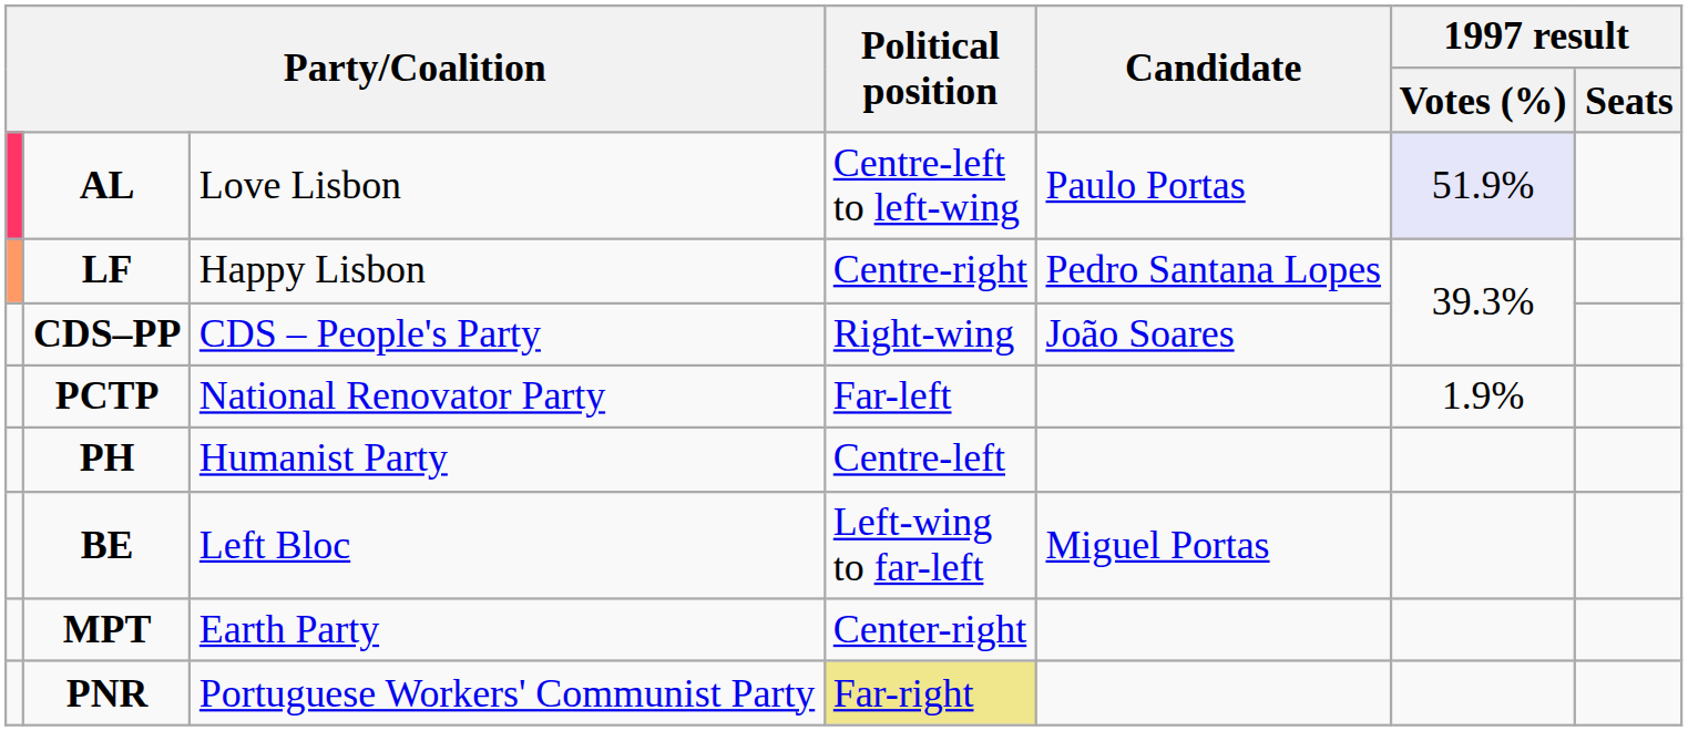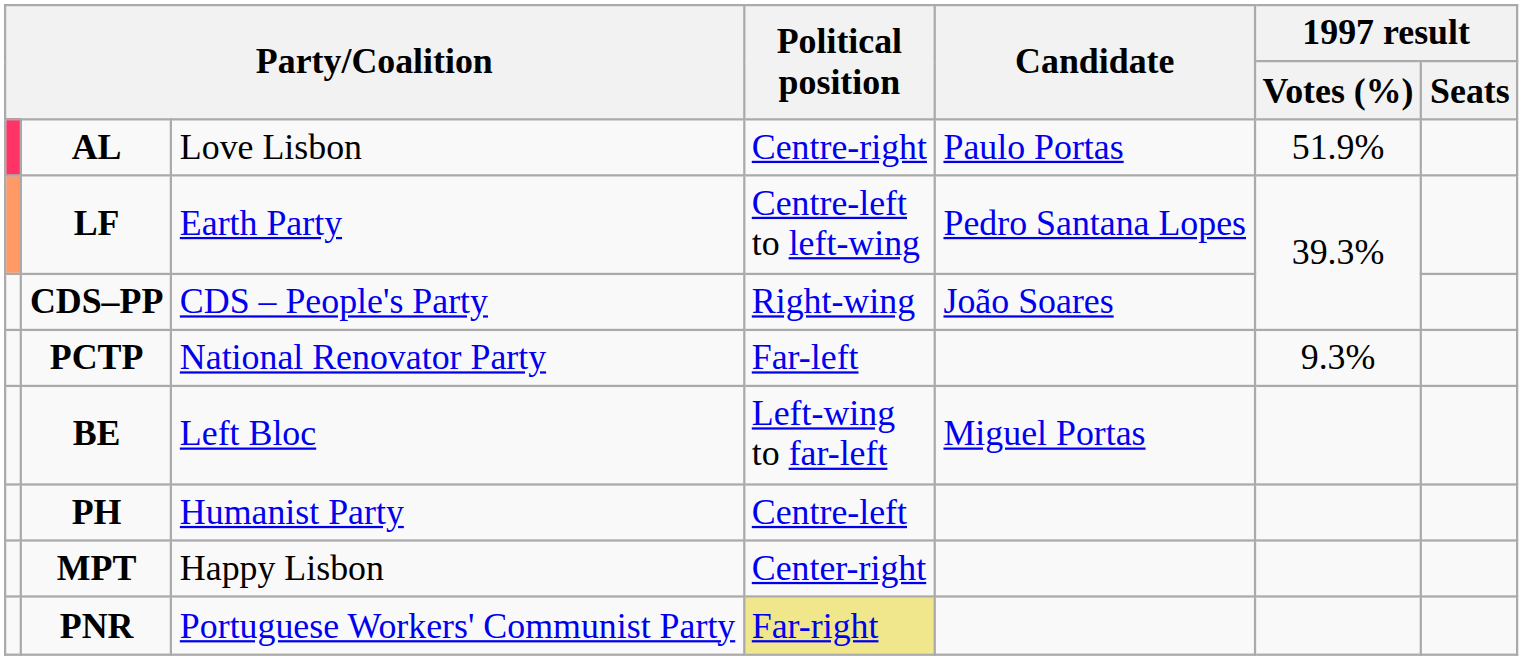 <table class="wikitable">
 <tr>
 <th colspan="3" rowspan="2">Party/Coalition</th>
 <th rowspan="2">Political<br>position</th>
 <th rowspan="2">Candidate</th>
 <th colspan="2">1997 result</th>
 </tr>
 <tr>
 <th>Votes (%)</th>
 <th>Seats</th>
 </tr>
 <tr>
 <td style="background:#FF3366;"></td>
 <td style="text-align:center;"><strong>AL</strong></td>
 <td>Love Lisbon<br> </td>
-<td><a href='#'>Centre-left</a><br>to <a href='#'>left-wing</a></td>
+<td><a href='#'>Centre-right</a></td>
 <td><a href='#'>Paulo Portas</a></td>
-<td style="background: lavender; text-align:center;">51.9%</td>
+<td style="text-align:center;">51.9%</td>
 <td></td>
 </tr>
 <tr>
 <td style="background:#FF9966;"></td>
 <td style="text-align:center;"><strong>LF</strong></td>
-<td>Happy Lisbon<br> </td>
-<td><a href='#'>Centre-right</a></td>
+<td><a href='#'>Earth Party</a><br></td>
+<td><a href='#'>Centre-left</a><br>to <a href='#'>left-wing</a></td>
 <td><a href='#'>Pedro Santana Lopes</a></td>
 <td rowspan="2" style="text-align:center;">39.3%</td>
 <td></td>
 </tr>
 <tr>
 <td style="background:"></td>
 <td style="text-align:center;"><strong>CDS–PP</strong></td>
 <td><a href='#'>CDS – People's Party</a><br></td>
 <td><a href='#'>Right-wing</a></td>
 <td><a href='#'>João Soares</a></td>
 <td></td>
 </tr>
 <tr>
 <td style="background:"></td>
 <td style="text-align:center;"><strong>PCTP</strong></td>
 <td><a href='#'>National Renovator Party</a><br></td>
 <td><a href='#'>Far-left</a></td>
 <td></td>
-<td style="text-align:center;">1.9%</td>
+<td style="text-align:center;">9.3%</td>
+<td></td>
+</tr>
+<tr>
+<td style="background:"></td>
+<td style="text-align:center;"><strong>BE</strong></td>
+<td><a href='#'>Left Bloc</a><br></td>
+<td><a href='#'>Left-wing</a><br>to <a href='#'>far-left</a></td>
+<td><a href='#'>Miguel Portas</a></td>
+<td></td>
 <td></td>
 </tr>
 <tr>
 <td style="background:"></td>
 <td style="text-align:center;"><strong>PH</strong></td>
 <td><a href='#'>Humanist Party</a><br></td>
 <td><a href='#'>Centre-left</a></td>
 <td></td>
 <td></td>
 <td></td>
 </tr>
 <tr>
 <td style="background:"></td>
-<td style="text-align:center;"><strong>BE</strong></td>
-<td><a href='#'>Left Bloc</a><br></td>
-<td><a href='#'>Left-wing</a><br>to <a href='#'>far-left</a></td>
-<td><a href='#'>Miguel Portas</a></td>
-<td></td>
-<td></td>
-</tr>
-<tr>
-<td style="background:"></td>
 <td style="text-align:center;"><strong>MPT</strong></td>
-<td><a href='#'>Earth Party</a><br></td>
+<td>Happy Lisbon<br> </td>
 <td><a href='#'>Center-right</a></td>
 <td></td>
 <td></td>
 <td></td>
 </tr>
 <tr>
 <td style="background:"></td>
 <td style="text-align:center;"><strong>PNR</strong></td>
 <td><a href='#'>Portuguese Workers' Communist Party</a><br></td>
 <td style="background: khaki;"><a href='#'>Far-right</a></td>
 <td></td>
 <td></td>
 <td></td>
 </tr>
 </table>
